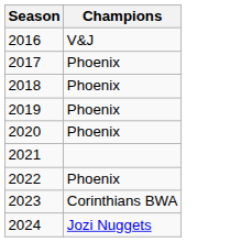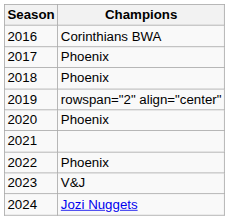 <table class="wikitable">
 <tr>
 <th>Season</th>
 <th>Champions</th>
 </tr>
 <tr>
 <td>2016</td>
-<td>V&J</td>
+<td>Corinthians BWA</td>
 </tr>
 <tr>
 <td>2017</td>
 <td>Phoenix</td>
 </tr>
 <tr>
 <td>2018</td>
 <td>Phoenix</td>
 </tr>
 <tr>
 <td>2019</td>
-<td>Phoenix</td>
+<td>rowspan="2" align="center" </td>
 </tr>
 <tr>
 <td>2020</td>
 <td>Phoenix</td>
 </tr>
 <tr>
 <td>2021</td>
 </tr>
 <tr>
 <td>2022</td>
 <td>Phoenix</td>
 </tr>
 <tr>
 <td>2023</td>
-<td>Corinthians BWA</td>
+<td>V&J</td>
 </tr>
 <tr>
 <td>2024</td>
 <td><a href='#'>Jozi Nuggets</a></td>
 </tr>
 </table>
